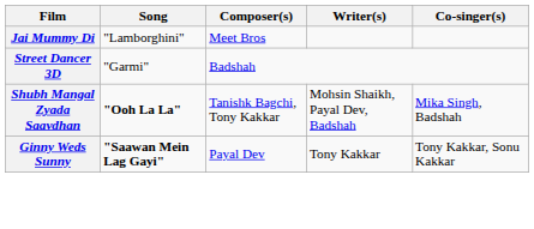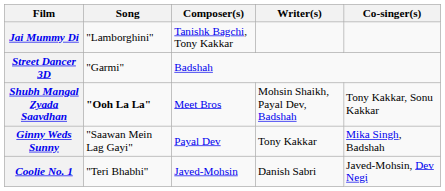 <table class="wikitable plainrowheaders" width="100%">
 <tr>
 <th width=18%>Film</th>
 <th width=20%>Song</th>
 <th width=19%>Composer(s)</th>
 <th width=20%>Writer(s)</th>
 <th width=22%>Co-singer(s)</th>
 </tr>
 <tr>
 <th scope=row><em><a href='#'>Jai Mummy Di</a></em></th>
 <td>"Lamborghini"</td>
-<td><a href='#'>Meet Bros</a></td>
+<td><a href='#'>Tanishk Bagchi</a>, Tony Kakkar</td>
 <td></td>
 <td></td>
 </tr>
 <tr>
 <th scope=row><em><a href='#'>Street Dancer 3D</a></em></th>
 <td>"Garmi"</td>
 <td colspan="3"><a href='#'>Badshah</a></td>
 </tr>
 <tr>
 <th scope=row><em><a href='#'>Shubh Mangal Zyada Saavdhan</a></em></th>
 <td><strong>"Ooh La La"</strong></td>
-<td><a href='#'>Tanishk Bagchi</a>, Tony Kakkar</td>
+<td><a href='#'>Meet Bros</a></td>
 <td>Mohsin Shaikh, Payal Dev, <a href='#'>Badshah</a></td>
+<td>Tony Kakkar, Sonu Kakkar</td>
+</tr>
+<tr>
+<th scope=row><em><a href='#'>Ginny Weds Sunny</a></em></th>
+<td>"Saawan Mein Lag Gayi"</td>
+<td><a href='#'>Payal Dev</a></td>
+<td>Tony Kakkar</td>
 <td><a href='#'>Mika Singh</a>, Badshah</td>
 </tr>
 <tr>
-<th scope=row><em><a href='#'>Ginny Weds Sunny</a></em></th>
-<td><strong>"Saawan Mein Lag Gayi"</strong></td>
-<td><a href='#'>Payal Dev</a></td>
-<td>Tony Kakkar</td>
-<td>Tony Kakkar, Sonu Kakkar</td>
+<th scope=row><em><a href='#'>Coolie No. 1</a></em></th>
+<td>"Teri Bhabhi"</td>
+<td><a href='#'>Javed-Mohsin</a></td>
+<td>Danish Sabri</td>
+<td>Javed-Mohsin, <a href='#'>Dev Negi</a></td>
 </tr>
 </table>
